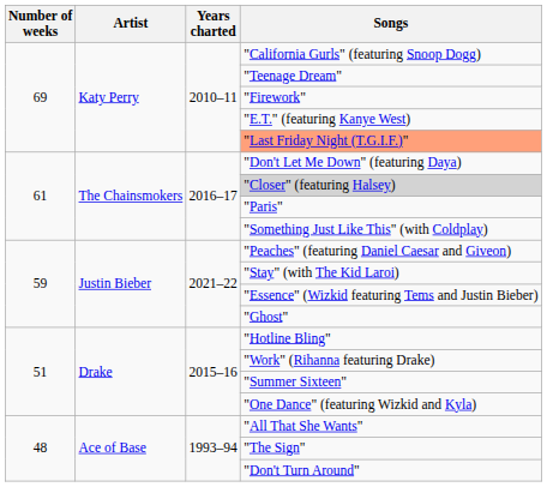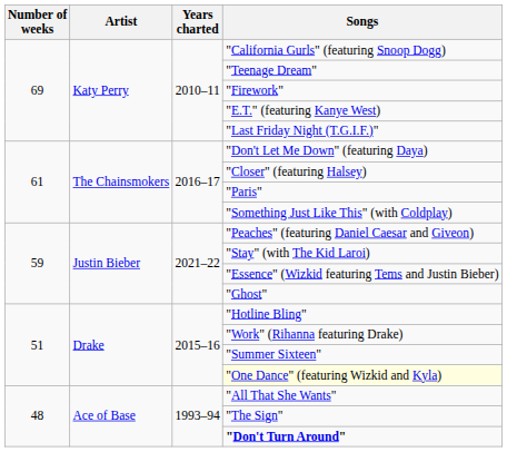 <table class="wikitable">
 <tr>
 <th>Number of <br> weeks</th>
 <th>Artist</th>
 <th>Years <br> charted</th>
 <th>Songs</th>
 </tr>
 <tr>
 <td rowspan=5 style="text-align:center;">69</td>
 <td rowspan=5><a href='#'>Katy Perry</a></td>
 <td rowspan=5 style="text-align:center;">2010–11</td>
 <td>"<a href='#'>California Gurls</a>" (featuring <a href='#'>Snoop Dogg</a>)</td>
 </tr>
 <tr>
 <td>"<a href='#'>Teenage Dream</a>"</td>
 </tr>
 <tr>
 <td>"<a href='#'>Firework</a>"</td>
 </tr>
 <tr>
 <td>"<a href='#'>E.T.</a>" (featuring <a href='#'>Kanye West</a>)</td>
 </tr>
 <tr>
-<td style="background: lightsalmon;">"<a href='#'>Last Friday Night (T.G.I.F.)</a>"</td>
+<td>"<a href='#'>Last Friday Night (T.G.I.F.)</a>"</td>
 </tr>
 <tr>
 <td rowspan=4 style="text-align:center;">61</td>
 <td rowspan=4><a href='#'>The Chainsmokers</a></td>
 <td rowspan=4 style="text-align:center;">2016–17</td>
 <td>"<a href='#'>Don't Let Me Down</a>" (featuring <a href='#'>Daya</a>)</td>
 </tr>
 <tr>
-<td style="background: lightgrey;">"<a href='#'>Closer</a>" (featuring <a href='#'>Halsey</a>)</td>
+<td>"<a href='#'>Closer</a>" (featuring <a href='#'>Halsey</a>)</td>
 </tr>
 <tr>
 <td>"<a href='#'>Paris</a>"</td>
 </tr>
 <tr>
 <td>"<a href='#'>Something Just Like This</a>" (with <a href='#'>Coldplay</a>)</td>
 </tr>
 <tr>
 <td rowspan=4 style="text-align:center;">59</td>
 <td rowspan=4><a href='#'>Justin Bieber</a></td>
 <td rowspan=4 style="text-align:center;">2021–22</td>
 <td>"<a href='#'>Peaches</a>" (featuring <a href='#'>Daniel Caesar</a> and <a href='#'>Giveon</a>)</td>
 </tr>
 <tr>
 <td>"<a href='#'>Stay</a>" (with <a href='#'>The Kid Laroi</a>)</td>
 </tr>
 <tr>
 <td>"<a href='#'>Essence</a>" (<a href='#'>Wizkid</a> featuring <a href='#'>Tems</a> and Justin Bieber)</td>
 </tr>
 <tr>
 <td>"<a href='#'>Ghost</a>"</td>
 </tr>
 <tr>
 <td rowspan=4 style="text-align:center;">51</td>
 <td rowspan=4><a href='#'>Drake</a></td>
 <td rowspan=4 style="text-align:center;">2015–16</td>
 <td>"<a href='#'>Hotline Bling</a>"</td>
 </tr>
 <tr>
 <td>"<a href='#'>Work</a>" (<a href='#'>Rihanna</a> featuring Drake)</td>
 </tr>
 <tr>
 <td>"<a href='#'>Summer Sixteen</a>"</td>
 </tr>
 <tr>
-<td>"<a href='#'>One Dance</a>" (featuring Wizkid and <a href='#'>Kyla</a>)</td>
+<td style="background: lightyellow;">"<a href='#'>One Dance</a>" (featuring Wizkid and <a href='#'>Kyla</a>)</td>
 </tr>
 <tr>
 <td rowspan=3 style="text-align:center;">48</td>
 <td rowspan=3><a href='#'>Ace of Base</a></td>
 <td rowspan=3 style="text-align:center;">1993–94</td>
 <td>"<a href='#'>All That She Wants</a>"</td>
 </tr>
 <tr>
 <td>"<a href='#'>The Sign</a>"</td>
 </tr>
 <tr>
-<td>"<a href='#'>Don't Turn Around</a>"</td>
+<td><strong>"<a href='#'>Don't Turn Around</a>"</strong></td>
 </tr>
 </table>
